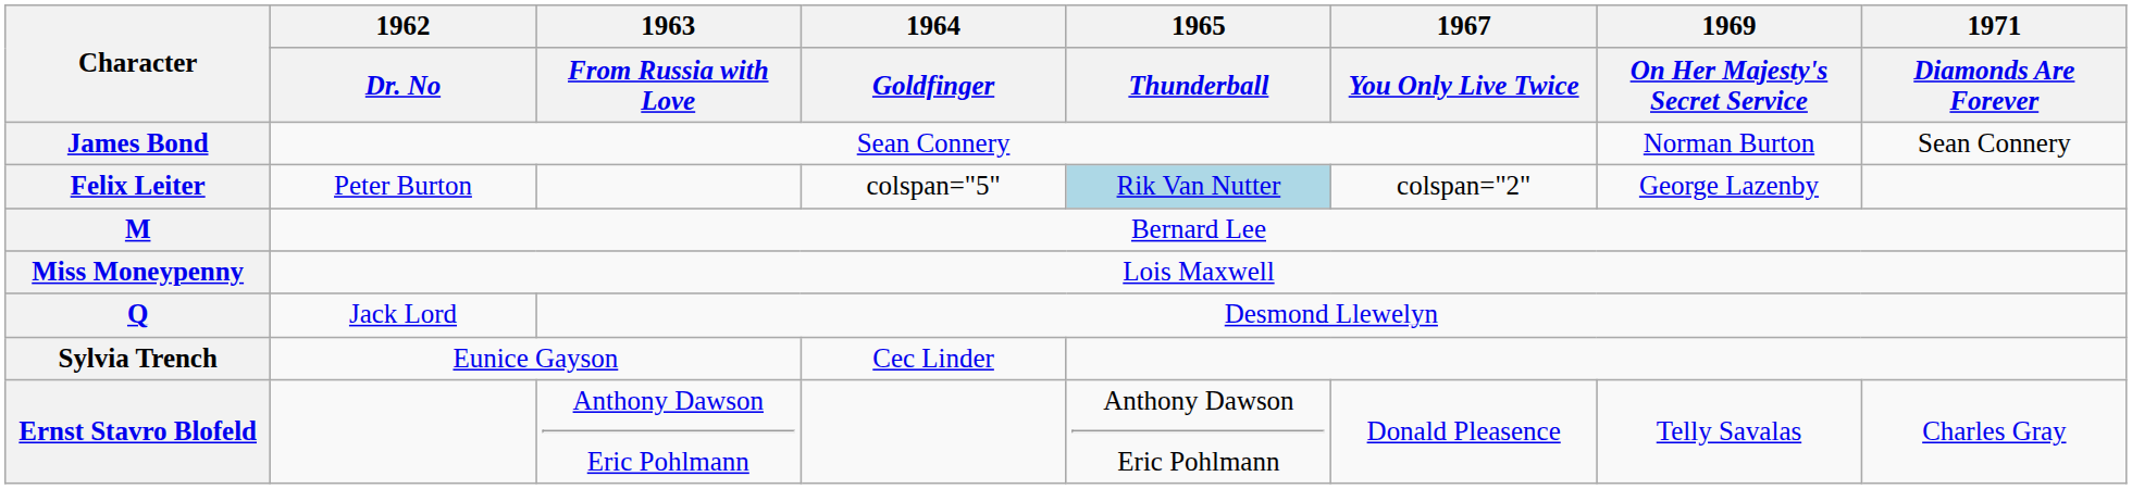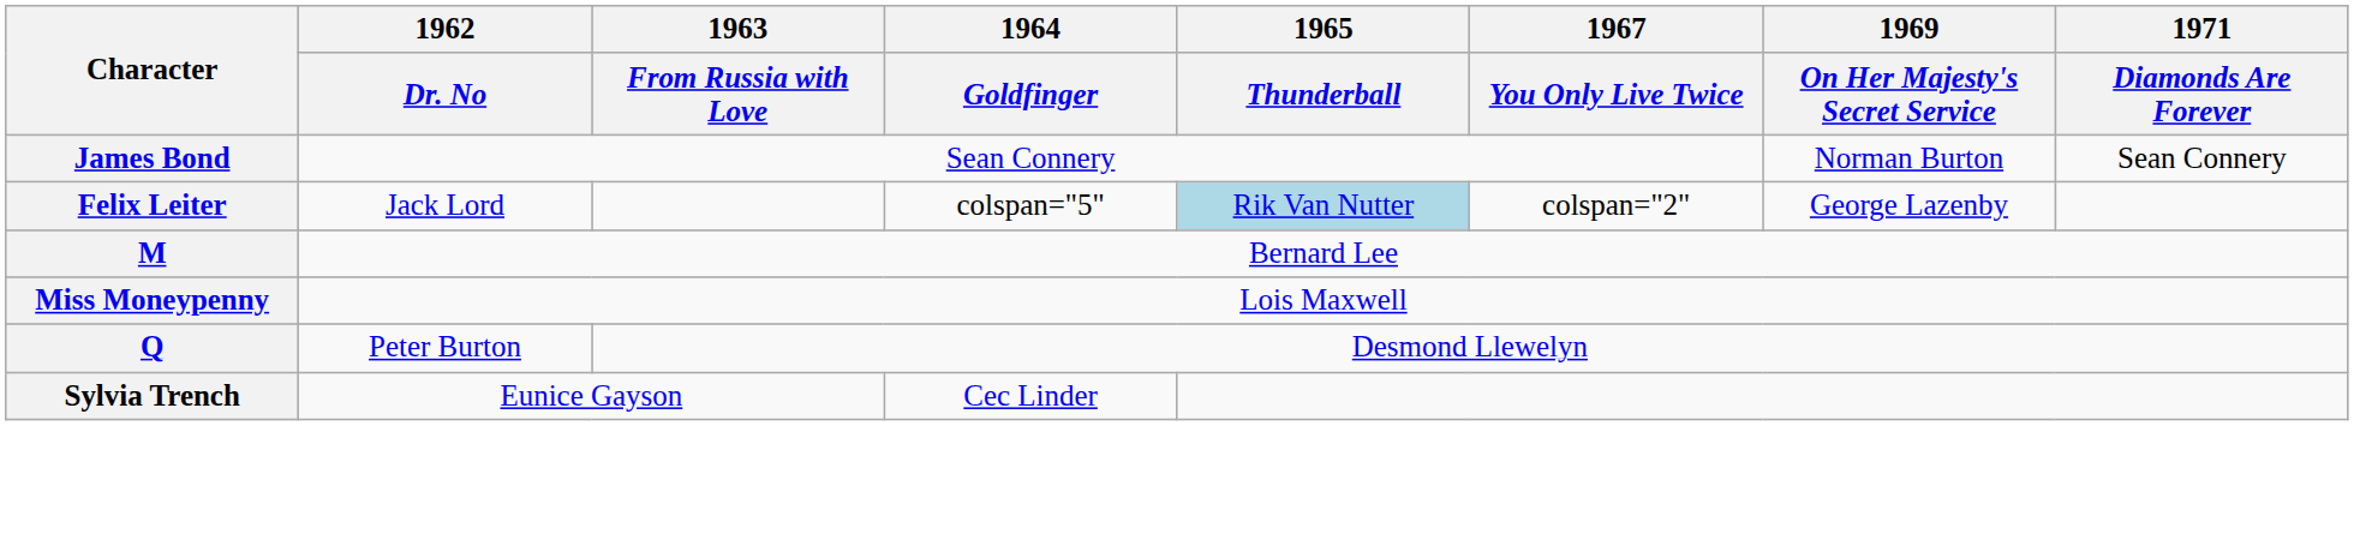 <table class="wikitable" style="text-align:center; width:99%;">
 <tr>
 <th rowspan="2" style="width:12.5%;">Character</th>
 <th>1962</th>
 <th>1963</th>
 <th>1964</th>
 <th>1965</th>
 <th>1967</th>
 <th>1969</th>
 <th>1971</th>
 </tr>
 <tr>
 <th style="width:12.5%;"><em><a href='#'>Dr. No</a></em></th>
 <th style="width:12.5%;"><em><a href='#'>From Russia with Love</a></em></th>
 <th style="width:12.5%;"><em><a href='#'>Goldfinger</a></em></th>
 <th style="width:12.5%;"><em><a href='#'>Thunderball</a></em></th>
 <th style="width:12.5%;"><em><a href='#'>You Only Live Twice</a></em></th>
 <th style="width:12.5%;"><em><a href='#'>On Her Majesty's Secret Service</a></em></th>
 <th style="width:12.5%;"><em><a href='#'>Diamonds Are Forever</a></em></th>
 </tr>
 <tr>
 <th scope="row"><a href='#'>James Bond<br></a></th>
 <td colspan="5"><a href='#'>Sean Connery</a></td>
 <td><a href='#'>Norman Burton</a></td>
 <td>Sean Connery</td>
 </tr>
 <tr>
 <th scope="row"><a href='#'>Felix Leiter</a></th>
-<td><a href='#'>Peter Burton</a></td>
+<td><a href='#'>Jack Lord</a></td>
 <td></td>
 <td>colspan="5" </td>
 <td style="background: lightblue;"><a href='#'>Rik Van Nutter</a></td>
 <td>colspan="2" </td>
 <td><a href='#'>George Lazenby</a></td>
 </tr>
 <tr>
 <th scope="row"><a href='#'>M</a></th>
 <td colspan="7"><a href='#'>Bernard Lee</a></td>
 </tr>
 <tr>
 <th scope="row"><a href='#'>Miss Moneypenny</a></th>
 <td colspan="7"><a href='#'>Lois Maxwell</a></td>
 </tr>
 <tr>
 <th scope="row"><a href='#'>Q</a></th>
-<td><a href='#'>Jack Lord</a></td>
+<td><a href='#'>Peter Burton</a></td>
 <td colspan="6"><a href='#'>Desmond Llewelyn</a></td>
 </tr>
 <tr>
 <th scope="row">Sylvia Trench</th>
 <td colspan="2"><a href='#'>Eunice Gayson</a></td>
 <td><a href='#'>Cec Linder</a></td>
 </tr>
-<tr>
-<th scope="row"><a href='#'>Ernst Stavro Blofeld</a></th>
-<td></td>
-<td><a href='#'>Anthony Dawson</a><hr><a href='#'>Eric Pohlmann</a></td>
-<td></td>
-<td>Anthony Dawson<hr>Eric Pohlmann</td>
-<td><a href='#'>Donald Pleasence</a></td>
-<td><a href='#'>Telly Savalas</a></td>
-<td><a href='#'>Charles Gray</a></td>
-</tr>
 </table>
